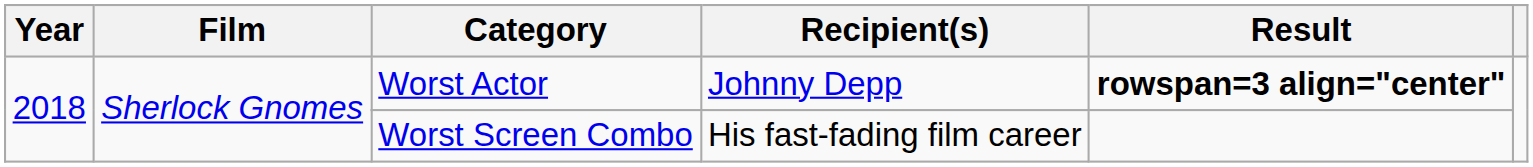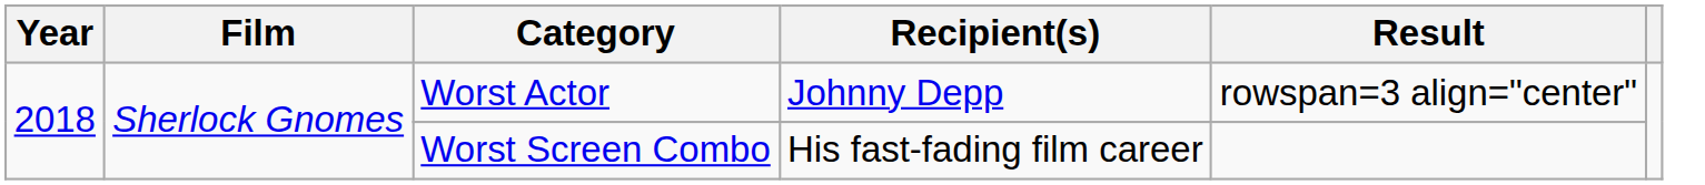 <table class="wikitable sortable">
 <tr>
 <th>Year</th>
 <th>Film</th>
 <th>Category</th>
 <th>Recipient(s)</th>
 <th>Result</th>
 <th></th>
 </tr>
 <tr>
 <td rowspan="3"><a href='#'>2018</a></td>
 <td rowspan="3"><em><a href='#'>Sherlock Gnomes</a></em></td>
 <td><a href='#'>Worst Actor</a></td>
 <td rowspan="2"><a href='#'>Johnny Depp</a></td>
-<td><strong>rowspan=3 align="center" </strong></td>
+<td>rowspan=3 align="center" </td>
 <td rowspan=3 align="center"></td>
 </tr>
 <tr>
 <td rowspan="2"><a href='#'>Worst Screen Combo</a></td>
 </tr>
 <tr>
 <td>His fast-fading film career</td>
 </tr>
 </table>
